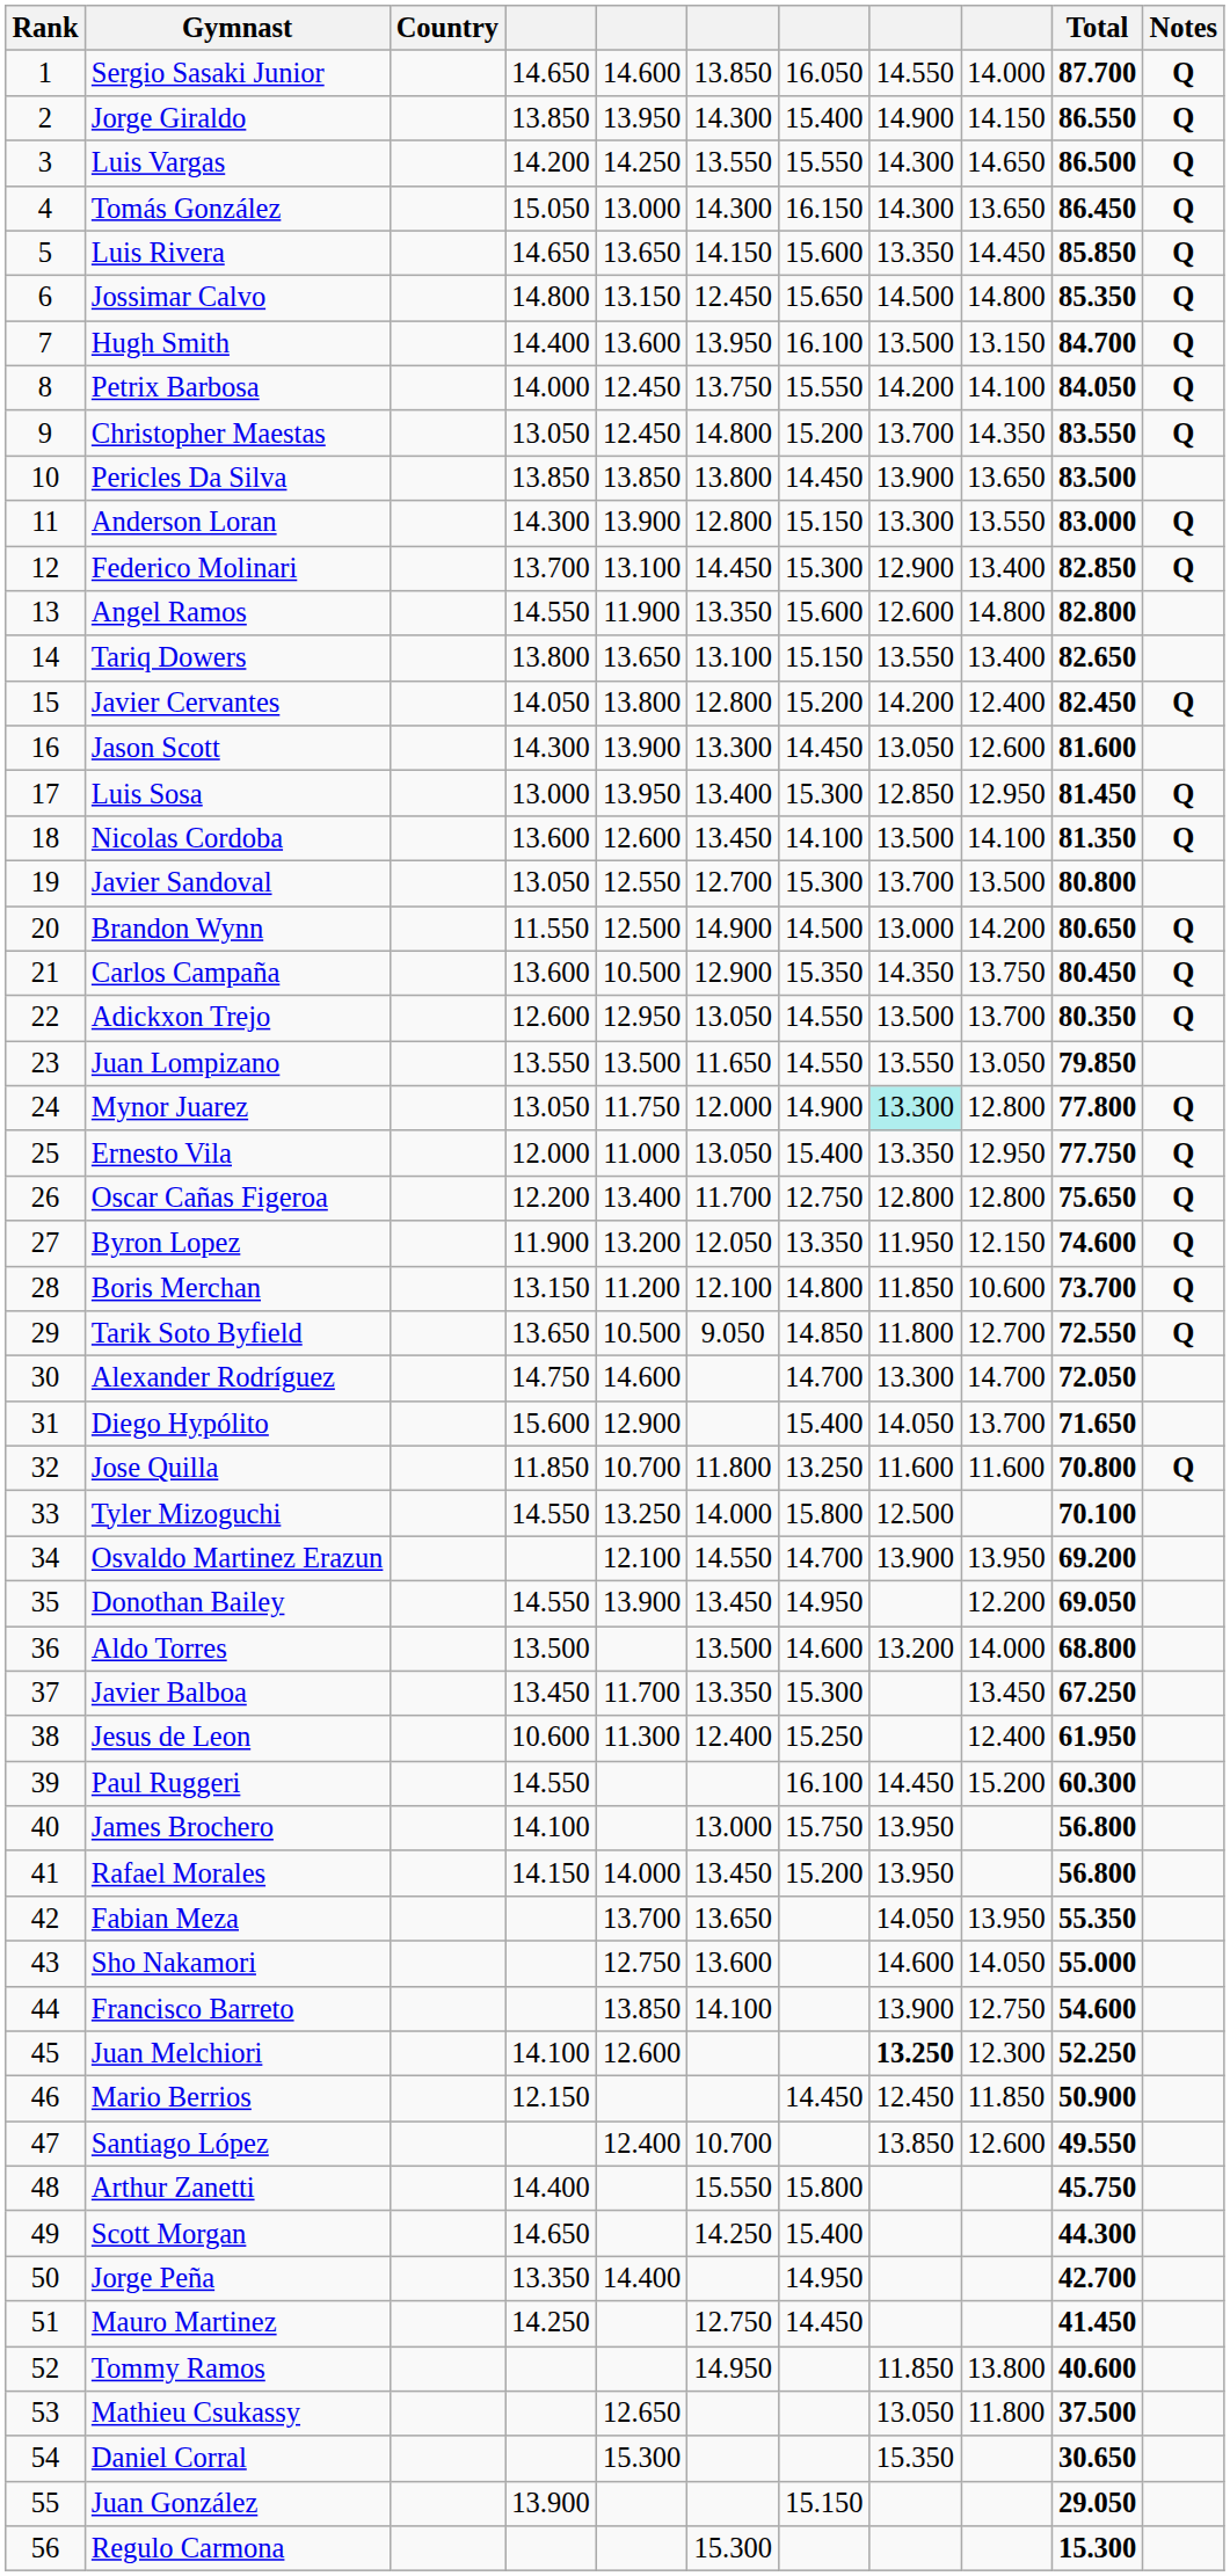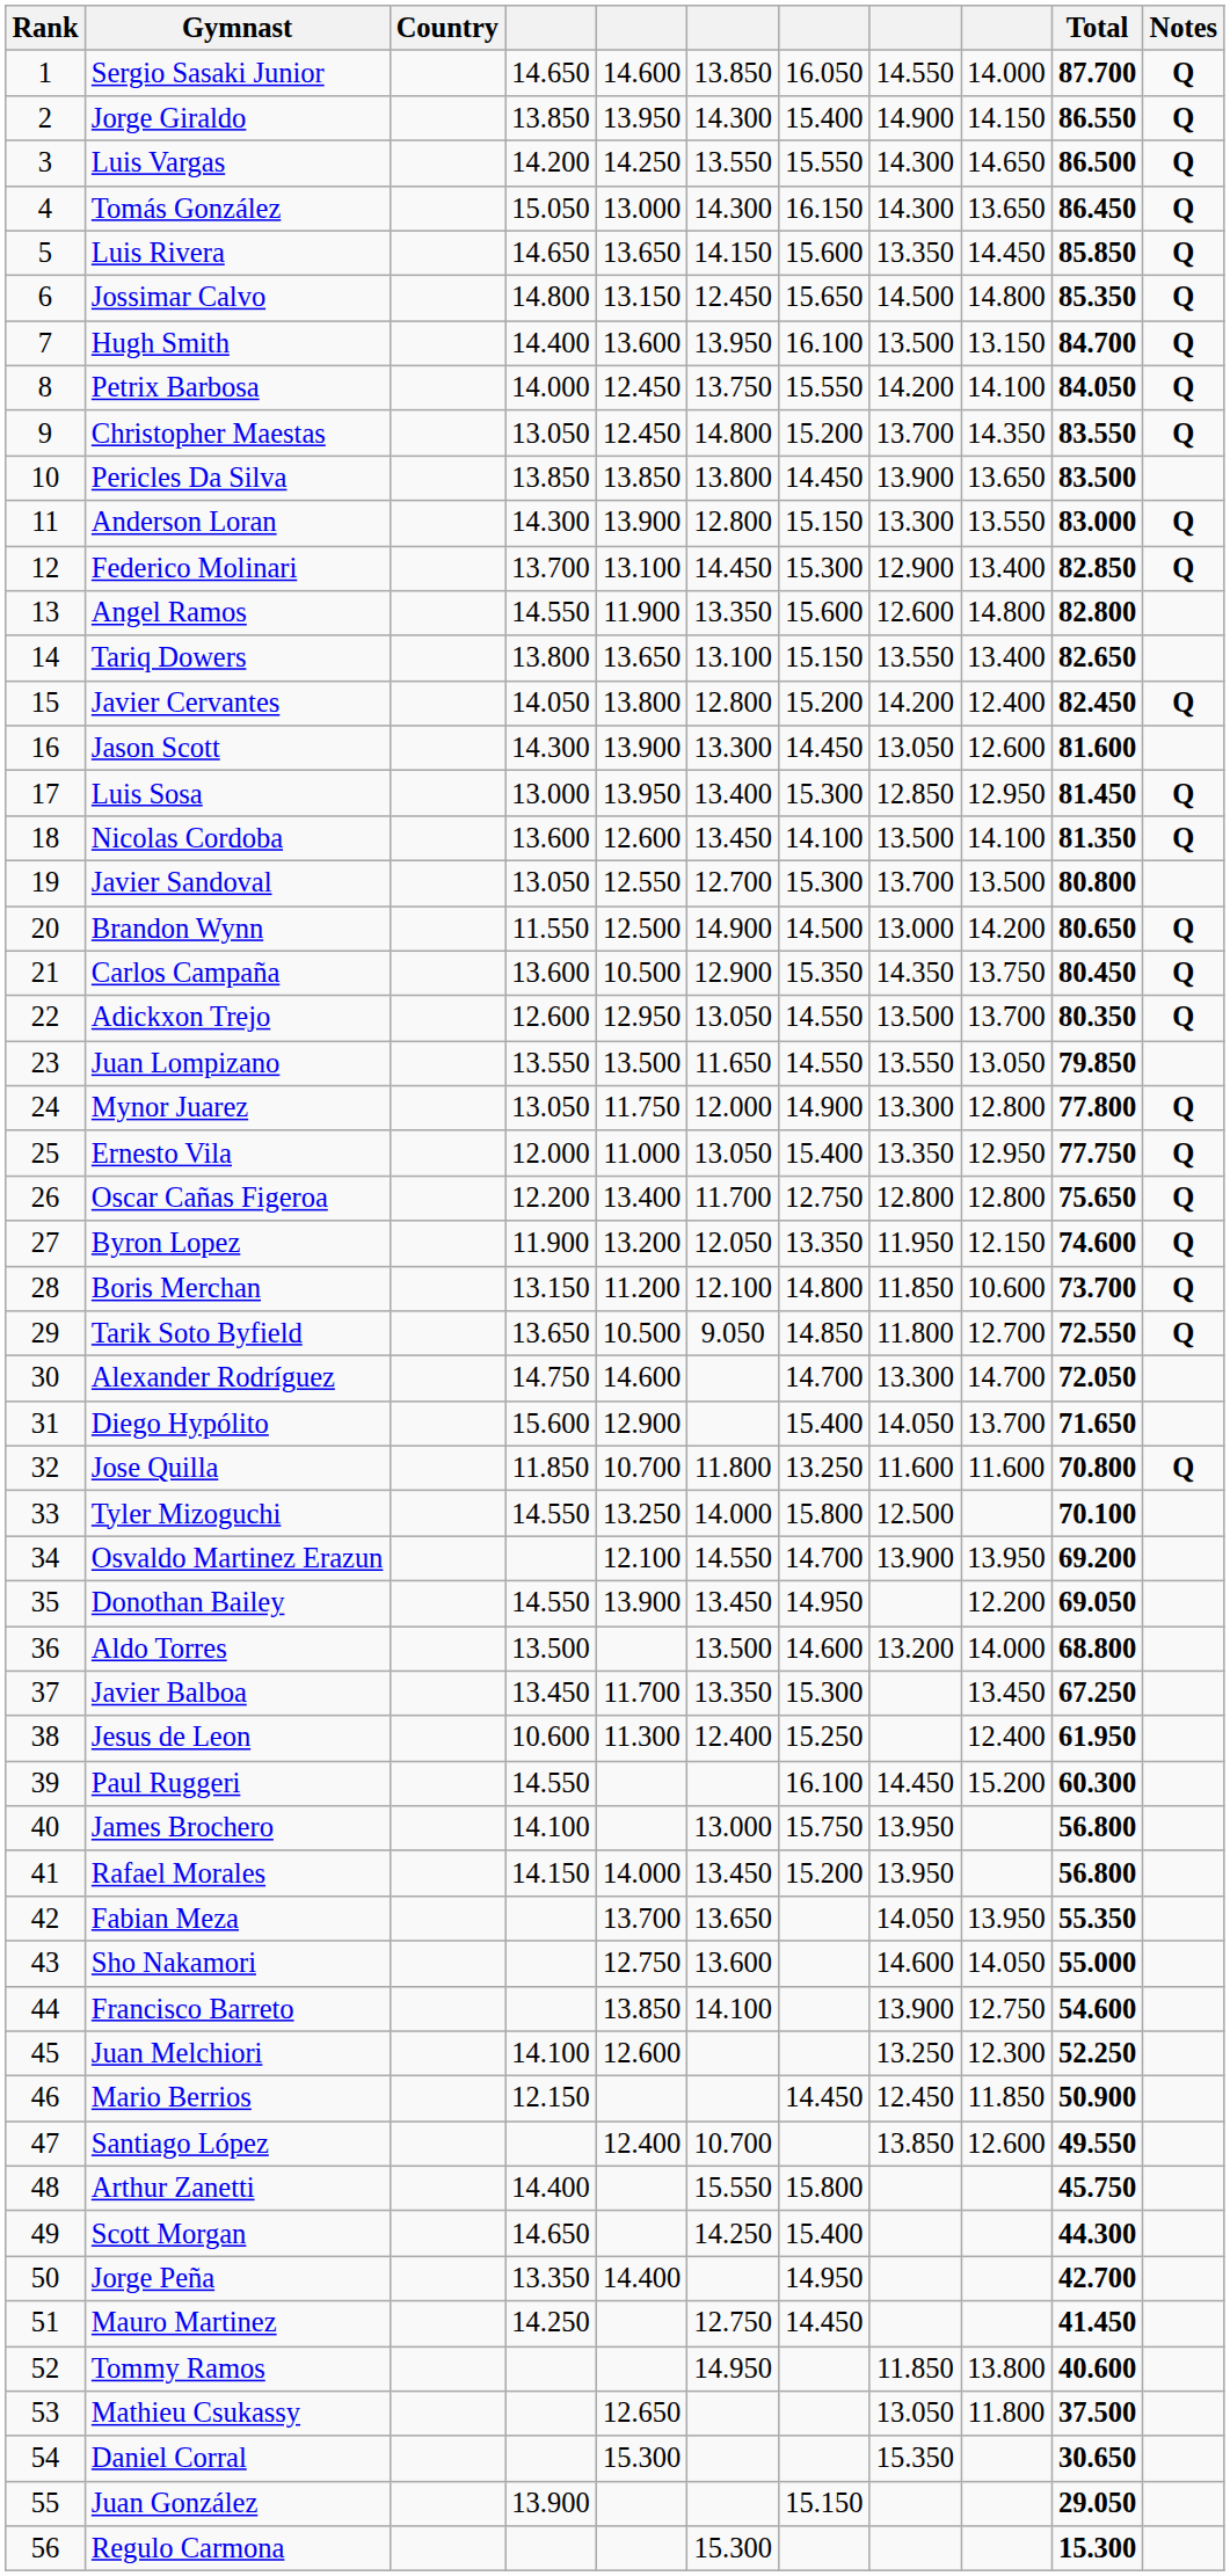 <table class="wikitable sortable" style="text-align:center">
 <tr>
 <th>Rank</th>
 <th>Gymnast</th>
 <th>Country</th>
 <th></th>
 <th></th>
 <th></th>
 <th></th>
 <th></th>
 <th></th>
 <th>Total</th>
 <th>Notes</th>
 </tr>
 <tr>
 <td>1</td>
 <td align="left"><a href='#'>Sergio Sasaki Junior</a></td>
 <td align="left"></td>
 <td>14.650</td>
 <td>14.600</td>
 <td>13.850</td>
 <td>16.050</td>
 <td>14.550</td>
 <td>14.000</td>
 <td><strong>87.700</strong></td>
 <td><strong>Q</strong></td>
 </tr>
 <tr>
 <td>2</td>
 <td align="left"><a href='#'>Jorge Giraldo</a></td>
 <td align="left"></td>
 <td>13.850</td>
 <td>13.950</td>
 <td>14.300</td>
 <td>15.400</td>
 <td>14.900</td>
 <td>14.150</td>
 <td><strong>86.550</strong></td>
 <td><strong>Q</strong></td>
 </tr>
 <tr>
 <td>3</td>
 <td align="left"><a href='#'>Luis Vargas</a></td>
 <td align="left"></td>
 <td>14.200</td>
 <td>14.250</td>
 <td>13.550</td>
 <td>15.550</td>
 <td>14.300</td>
 <td>14.650</td>
 <td><strong>86.500</strong></td>
 <td><strong>Q</strong></td>
 </tr>
 <tr>
 <td>4</td>
 <td align="left"><a href='#'>Tomás González</a></td>
 <td align="left"></td>
 <td>15.050</td>
 <td>13.000</td>
 <td>14.300</td>
 <td>16.150</td>
 <td>14.300</td>
 <td>13.650</td>
 <td><strong>86.450</strong></td>
 <td><strong>Q</strong></td>
 </tr>
 <tr>
 <td>5</td>
 <td align="left"><a href='#'>Luis Rivera</a></td>
 <td align="left"></td>
 <td>14.650</td>
 <td>13.650</td>
 <td>14.150</td>
 <td>15.600</td>
 <td>13.350</td>
 <td>14.450</td>
 <td><strong>85.850</strong></td>
 <td><strong>Q</strong></td>
 </tr>
 <tr>
 <td>6</td>
 <td align="left"><a href='#'>Jossimar Calvo</a></td>
 <td align="left"></td>
 <td>14.800</td>
 <td>13.150</td>
 <td>12.450</td>
 <td>15.650</td>
 <td>14.500</td>
 <td>14.800</td>
 <td><strong>85.350</strong></td>
 <td><strong>Q</strong></td>
 </tr>
 <tr>
 <td>7</td>
 <td align="left"><a href='#'>Hugh Smith</a></td>
 <td align="left"></td>
 <td>14.400</td>
 <td>13.600</td>
 <td>13.950</td>
 <td>16.100</td>
 <td>13.500</td>
 <td>13.150</td>
 <td><strong>84.700</strong></td>
 <td><strong>Q</strong></td>
 </tr>
 <tr>
 <td>8</td>
 <td align="left"><a href='#'>Petrix Barbosa</a></td>
 <td align="left"></td>
 <td>14.000</td>
 <td>12.450</td>
 <td>13.750</td>
 <td>15.550</td>
 <td>14.200</td>
 <td>14.100</td>
 <td><strong>84.050</strong></td>
 <td><strong>Q</strong></td>
 </tr>
 <tr>
 <td>9</td>
 <td align="left"><a href='#'>Christopher Maestas</a></td>
 <td align="left"></td>
 <td>13.050</td>
 <td>12.450</td>
 <td>14.800</td>
 <td>15.200</td>
 <td>13.700</td>
 <td>14.350</td>
 <td><strong>83.550</strong></td>
 <td><strong>Q</strong></td>
 </tr>
 <tr>
 <td>10</td>
 <td align="left"><a href='#'>Pericles Da Silva</a></td>
 <td align="left"></td>
 <td>13.850</td>
 <td>13.850</td>
 <td>13.800</td>
 <td>14.450</td>
 <td>13.900</td>
 <td>13.650</td>
 <td><strong>83.500</strong></td>
 <td></td>
 </tr>
 <tr>
 <td>11</td>
 <td align="left"><a href='#'>Anderson Loran</a></td>
 <td align="left"></td>
 <td>14.300</td>
 <td>13.900</td>
 <td>12.800</td>
 <td>15.150</td>
 <td>13.300</td>
 <td>13.550</td>
 <td><strong>83.000</strong></td>
 <td><strong>Q</strong></td>
 </tr>
 <tr>
 <td>12</td>
 <td align="left"><a href='#'>Federico Molinari</a></td>
 <td align="left"></td>
 <td>13.700</td>
 <td>13.100</td>
 <td>14.450</td>
 <td>15.300</td>
 <td>12.900</td>
 <td>13.400</td>
 <td><strong>82.850</strong></td>
 <td><strong>Q</strong></td>
 </tr>
 <tr>
 <td>13</td>
 <td align="left"><a href='#'>Angel Ramos</a></td>
 <td align="left"></td>
 <td>14.550</td>
 <td>11.900</td>
 <td>13.350</td>
 <td>15.600</td>
 <td>12.600</td>
 <td>14.800</td>
 <td><strong>82.800</strong></td>
 <td></td>
 </tr>
 <tr>
 <td>14</td>
 <td align="left"><a href='#'>Tariq Dowers</a></td>
 <td align="left"></td>
 <td>13.800</td>
 <td>13.650</td>
 <td>13.100</td>
 <td>15.150</td>
 <td>13.550</td>
 <td>13.400</td>
 <td><strong>82.650</strong></td>
 <td></td>
 </tr>
 <tr>
 <td>15</td>
 <td align="left"><a href='#'>Javier Cervantes</a></td>
 <td align="left"></td>
 <td>14.050</td>
 <td>13.800</td>
 <td>12.800</td>
 <td>15.200</td>
 <td>14.200</td>
 <td>12.400</td>
 <td><strong>82.450</strong></td>
 <td><strong>Q</strong></td>
 </tr>
 <tr>
 <td>16</td>
 <td align="left"><a href='#'>Jason Scott</a></td>
 <td align="left"></td>
 <td>14.300</td>
 <td>13.900</td>
 <td>13.300</td>
 <td>14.450</td>
 <td>13.050</td>
 <td>12.600</td>
 <td><strong>81.600</strong></td>
 <td></td>
 </tr>
 <tr>
 <td>17</td>
 <td align="left"><a href='#'>Luis Sosa</a></td>
 <td align="left"></td>
 <td>13.000</td>
 <td>13.950</td>
 <td>13.400</td>
 <td>15.300</td>
 <td>12.850</td>
 <td>12.950</td>
 <td><strong>81.450</strong></td>
 <td><strong>Q</strong></td>
 </tr>
 <tr>
 <td>18</td>
 <td align="left"><a href='#'>Nicolas Cordoba</a></td>
 <td align="left"></td>
 <td>13.600</td>
 <td>12.600</td>
 <td>13.450</td>
 <td>14.100</td>
 <td>13.500</td>
 <td>14.100</td>
 <td><strong>81.350</strong></td>
 <td><strong>Q</strong></td>
 </tr>
 <tr>
 <td>19</td>
 <td align="left"><a href='#'>Javier Sandoval</a></td>
 <td align="left"></td>
 <td>13.050</td>
 <td>12.550</td>
 <td>12.700</td>
 <td>15.300</td>
 <td>13.700</td>
 <td>13.500</td>
 <td><strong>80.800</strong></td>
 <td></td>
 </tr>
 <tr>
 <td>20</td>
 <td align="left"><a href='#'>Brandon Wynn</a></td>
 <td align="left"></td>
 <td>11.550</td>
 <td>12.500</td>
 <td>14.900</td>
 <td>14.500</td>
 <td>13.000</td>
 <td>14.200</td>
 <td><strong>80.650</strong></td>
 <td><strong>Q</strong></td>
 </tr>
 <tr>
 <td>21</td>
 <td align="left"><a href='#'>Carlos Campaña</a></td>
 <td align="left"></td>
 <td>13.600</td>
 <td>10.500</td>
 <td>12.900</td>
 <td>15.350</td>
 <td>14.350</td>
 <td>13.750</td>
 <td><strong>80.450</strong></td>
 <td><strong>Q</strong></td>
 </tr>
 <tr>
 <td>22</td>
 <td align="left"><a href='#'>Adickxon Trejo</a></td>
 <td align="left"></td>
 <td>12.600</td>
 <td>12.950</td>
 <td>13.050</td>
 <td>14.550</td>
 <td>13.500</td>
 <td>13.700</td>
 <td><strong>80.350</strong></td>
 <td><strong>Q</strong></td>
 </tr>
 <tr>
 <td>23</td>
 <td align="left"><a href='#'>Juan Lompizano</a></td>
 <td align="left"></td>
 <td>13.550</td>
 <td>13.500</td>
 <td>11.650</td>
 <td>14.550</td>
 <td>13.550</td>
 <td>13.050</td>
 <td><strong>79.850</strong></td>
 <td></td>
 </tr>
 <tr>
 <td>24</td>
 <td align="left"><a href='#'>Mynor Juarez</a></td>
 <td align="left"></td>
 <td>13.050</td>
 <td>11.750</td>
 <td>12.000</td>
 <td>14.900</td>
-<td style="background: paleturquoise;">13.300</td>
+<td>13.300</td>
 <td>12.800</td>
 <td><strong>77.800</strong></td>
 <td><strong>Q</strong></td>
 </tr>
 <tr>
 <td>25</td>
 <td align="left"><a href='#'>Ernesto Vila</a></td>
 <td align="left"></td>
 <td>12.000</td>
 <td>11.000</td>
 <td>13.050</td>
 <td>15.400</td>
 <td>13.350</td>
 <td>12.950</td>
 <td><strong>77.750</strong></td>
 <td><strong>Q</strong></td>
 </tr>
 <tr>
 <td>26</td>
 <td align="left"><a href='#'>Oscar Cañas Figeroa</a></td>
 <td align="left"></td>
 <td>12.200</td>
 <td>13.400</td>
 <td>11.700</td>
 <td>12.750</td>
 <td>12.800</td>
 <td>12.800</td>
 <td><strong>75.650</strong></td>
 <td><strong>Q</strong></td>
 </tr>
 <tr>
 <td>27</td>
 <td align="left"><a href='#'>Byron Lopez</a></td>
 <td align="left"></td>
 <td>11.900</td>
 <td>13.200</td>
 <td>12.050</td>
 <td>13.350</td>
 <td>11.950</td>
 <td>12.150</td>
 <td><strong>74.600</strong></td>
 <td><strong>Q</strong></td>
 </tr>
 <tr>
 <td>28</td>
 <td align="left"><a href='#'>Boris Merchan</a></td>
 <td align="left"></td>
 <td>13.150</td>
 <td>11.200</td>
 <td>12.100</td>
 <td>14.800</td>
 <td>11.850</td>
 <td>10.600</td>
 <td><strong>73.700</strong></td>
 <td><strong>Q</strong></td>
 </tr>
 <tr>
 <td>29</td>
 <td align="left"><a href='#'>Tarik Soto Byfield</a></td>
 <td align="left"></td>
 <td>13.650</td>
 <td>10.500</td>
 <td>9.050</td>
 <td>14.850</td>
 <td>11.800</td>
 <td>12.700</td>
 <td><strong>72.550</strong></td>
 <td><strong>Q</strong></td>
 </tr>
 <tr>
 <td>30</td>
 <td align="left"><a href='#'>Alexander Rodríguez</a></td>
 <td align="left"></td>
 <td>14.750</td>
 <td>14.600</td>
 <td></td>
 <td>14.700</td>
 <td>13.300</td>
 <td>14.700</td>
 <td><strong>72.050</strong></td>
 <td></td>
 </tr>
 <tr>
 <td>31</td>
 <td align="left"><a href='#'>Diego Hypólito</a></td>
 <td align="left"></td>
 <td>15.600</td>
 <td>12.900</td>
 <td></td>
 <td>15.400</td>
 <td>14.050</td>
 <td>13.700</td>
 <td><strong>71.650</strong></td>
 <td></td>
 </tr>
 <tr>
 <td>32</td>
 <td align="left"><a href='#'>Jose Quilla</a></td>
 <td align="left"></td>
 <td>11.850</td>
 <td>10.700</td>
 <td>11.800</td>
 <td>13.250</td>
 <td>11.600</td>
 <td>11.600</td>
 <td><strong>70.800</strong></td>
 <td><strong>Q</strong></td>
 </tr>
 <tr>
 <td>33</td>
 <td align="left"><a href='#'>Tyler Mizoguchi</a></td>
 <td align="left"></td>
 <td>14.550</td>
 <td>13.250</td>
 <td>14.000</td>
 <td>15.800</td>
 <td>12.500</td>
 <td></td>
 <td><strong>70.100</strong></td>
 <td></td>
 </tr>
 <tr>
 <td>34</td>
 <td align="left"><a href='#'>Osvaldo Martinez Erazun</a></td>
 <td align="left"></td>
 <td></td>
 <td>12.100</td>
 <td>14.550</td>
 <td>14.700</td>
 <td>13.900</td>
 <td>13.950</td>
 <td><strong>69.200</strong></td>
 <td></td>
 </tr>
 <tr>
 <td>35</td>
 <td align="left"><a href='#'>Donothan Bailey</a></td>
 <td align="left"></td>
 <td>14.550</td>
 <td>13.900</td>
 <td>13.450</td>
 <td>14.950</td>
 <td></td>
 <td>12.200</td>
 <td><strong>69.050</strong></td>
 <td></td>
 </tr>
 <tr>
 <td>36</td>
 <td align="left"><a href='#'>Aldo Torres</a></td>
 <td align="left"></td>
 <td>13.500</td>
 <td></td>
 <td>13.500</td>
 <td>14.600</td>
 <td>13.200</td>
 <td>14.000</td>
 <td><strong>68.800</strong></td>
 <td></td>
 </tr>
 <tr>
 <td>37</td>
 <td align="left"><a href='#'>Javier Balboa</a></td>
 <td align="left"></td>
 <td>13.450</td>
 <td>11.700</td>
 <td>13.350</td>
 <td>15.300</td>
 <td></td>
 <td>13.450</td>
 <td><strong>67.250</strong></td>
 <td></td>
 </tr>
 <tr>
 <td>38</td>
 <td align="left"><a href='#'>Jesus de Leon</a></td>
 <td align="left"></td>
 <td>10.600</td>
 <td>11.300</td>
 <td>12.400</td>
 <td>15.250</td>
 <td></td>
 <td>12.400</td>
 <td><strong>61.950</strong></td>
 <td></td>
 </tr>
 <tr>
 <td>39</td>
 <td align="left"><a href='#'>Paul Ruggeri</a></td>
 <td align="left"></td>
 <td>14.550</td>
 <td></td>
 <td></td>
 <td>16.100</td>
 <td>14.450</td>
 <td>15.200</td>
 <td><strong>60.300</strong></td>
 <td></td>
 </tr>
 <tr>
 <td>40</td>
 <td align="left"><a href='#'>James Brochero</a></td>
 <td align="left"></td>
 <td>14.100</td>
 <td></td>
 <td>13.000</td>
 <td>15.750</td>
 <td>13.950</td>
 <td></td>
 <td><strong>56.800</strong></td>
 <td></td>
 </tr>
 <tr>
 <td>41</td>
 <td align="left"><a href='#'>Rafael Morales</a></td>
 <td align="left"></td>
 <td>14.150</td>
 <td>14.000</td>
 <td>13.450</td>
 <td>15.200</td>
 <td>13.950</td>
 <td></td>
 <td><strong>56.800</strong></td>
 <td></td>
 </tr>
 <tr>
 <td>42</td>
 <td align="left"><a href='#'>Fabian Meza</a></td>
 <td align="left"></td>
 <td></td>
 <td>13.700</td>
 <td>13.650</td>
 <td></td>
 <td>14.050</td>
 <td>13.950</td>
 <td><strong>55.350</strong></td>
 <td></td>
 </tr>
 <tr>
 <td>43</td>
 <td align="left"><a href='#'>Sho Nakamori</a></td>
 <td align="left"></td>
 <td></td>
 <td>12.750</td>
 <td>13.600</td>
 <td></td>
 <td>14.600</td>
 <td>14.050</td>
 <td><strong>55.000</strong></td>
 <td></td>
 </tr>
 <tr>
 <td>44</td>
 <td align="left"><a href='#'>Francisco Barreto</a></td>
 <td align="left"></td>
 <td></td>
 <td>13.850</td>
 <td>14.100</td>
 <td></td>
 <td>13.900</td>
 <td>12.750</td>
 <td><strong>54.600</strong></td>
 <td></td>
 </tr>
 <tr>
 <td>45</td>
 <td align="left"><a href='#'>Juan Melchiori</a></td>
 <td align="left"></td>
 <td>14.100</td>
 <td>12.600</td>
 <td></td>
 <td></td>
-<td><strong>13.250</strong></td>
+<td>13.250</td>
 <td>12.300</td>
 <td><strong>52.250</strong></td>
 <td></td>
 </tr>
 <tr>
 <td>46</td>
 <td align="left"><a href='#'>Mario Berrios</a></td>
 <td align="left"></td>
 <td>12.150</td>
 <td></td>
 <td></td>
 <td>14.450</td>
 <td>12.450</td>
 <td>11.850</td>
 <td><strong>50.900</strong></td>
 <td></td>
 </tr>
 <tr>
 <td>47</td>
 <td align="left"><a href='#'>Santiago López</a></td>
 <td align="left"></td>
 <td></td>
 <td>12.400</td>
 <td>10.700</td>
 <td></td>
 <td>13.850</td>
 <td>12.600</td>
 <td><strong>49.550</strong></td>
 <td></td>
 </tr>
 <tr>
 <td>48</td>
 <td align="left"><a href='#'>Arthur Zanetti</a></td>
 <td align="left"></td>
 <td>14.400</td>
 <td></td>
 <td>15.550</td>
 <td>15.800</td>
 <td></td>
 <td></td>
 <td><strong>45.750</strong></td>
 <td></td>
 </tr>
 <tr>
 <td>49</td>
 <td align="left"><a href='#'>Scott Morgan</a></td>
 <td align="left"></td>
 <td>14.650</td>
 <td></td>
 <td>14.250</td>
 <td>15.400</td>
 <td></td>
 <td></td>
 <td><strong>44.300</strong></td>
 <td></td>
 </tr>
 <tr>
 <td>50</td>
 <td align="left"><a href='#'>Jorge Peña</a></td>
 <td align="left"></td>
 <td>13.350</td>
 <td>14.400</td>
 <td></td>
 <td>14.950</td>
 <td></td>
 <td></td>
 <td><strong>42.700</strong></td>
 <td></td>
 </tr>
 <tr>
 <td>51</td>
 <td align="left"><a href='#'>Mauro Martinez</a></td>
 <td align="left"></td>
 <td>14.250</td>
 <td></td>
 <td>12.750</td>
 <td>14.450</td>
 <td></td>
 <td></td>
 <td><strong>41.450</strong></td>
 <td></td>
 </tr>
 <tr>
 <td>52</td>
 <td align="left"><a href='#'>Tommy Ramos</a></td>
 <td align="left"></td>
 <td></td>
 <td></td>
 <td>14.950</td>
 <td></td>
 <td>11.850</td>
 <td>13.800</td>
 <td><strong>40.600</strong></td>
 <td></td>
 </tr>
 <tr>
 <td>53</td>
 <td align="left"><a href='#'>Mathieu Csukassy</a></td>
 <td align="left"></td>
 <td></td>
 <td>12.650</td>
 <td></td>
 <td></td>
 <td>13.050</td>
 <td>11.800</td>
 <td><strong>37.500</strong></td>
 <td></td>
 </tr>
 <tr>
 <td>54</td>
 <td align="left"><a href='#'>Daniel Corral</a></td>
 <td align="left"></td>
 <td></td>
 <td>15.300</td>
 <td></td>
 <td></td>
 <td>15.350</td>
 <td></td>
 <td><strong>30.650</strong></td>
 <td></td>
 </tr>
 <tr>
 <td>55</td>
 <td align="left"><a href='#'>Juan González</a></td>
 <td align="left"></td>
 <td>13.900</td>
 <td></td>
 <td></td>
 <td>15.150</td>
 <td></td>
 <td></td>
 <td><strong>29.050</strong></td>
 <td></td>
 </tr>
 <tr>
 <td>56</td>
 <td align="left"><a href='#'>Regulo Carmona</a></td>
 <td align="left"></td>
 <td></td>
 <td></td>
 <td>15.300</td>
 <td></td>
 <td></td>
 <td></td>
 <td><strong>15.300</strong></td>
 <td></td>
 </tr>
 </table>
